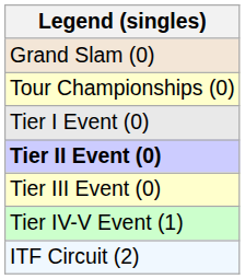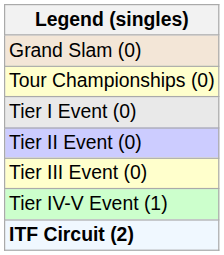 <table class="wikitable sortable mw-collapsible mw-collapsed">
 <tr>
 <th>Legend (singles)</th>
 </tr>
 <tr bgcolor="#f3e6d7">
 <td>Grand Slam (0)</td>
 </tr>
 <tr bgcolor="#FFFFCC">
 <td>Tour Championships (0)</td>
 </tr>
 <tr bgcolor="#e9e9e9">
 <td>Tier I Event (0)</td>
 </tr>
 <tr bgcolor="#CCCCFF">
-<td><strong>Tier II Event (0)</strong></td>
+<td>Tier II Event (0)</td>
 </tr>
 <tr bgcolor="#FFFFCC">
 <td>Tier III Event (0)</td>
 </tr>
 <tr bgcolor="#CCFFCC">
 <td>Tier IV-V Event (1)</td>
 </tr>
 <tr bgcolor="#f0f8ff">
-<td>ITF Circuit (2)</td>
+<td><strong>ITF Circuit (2)</strong></td>
 </tr>
 </table>
